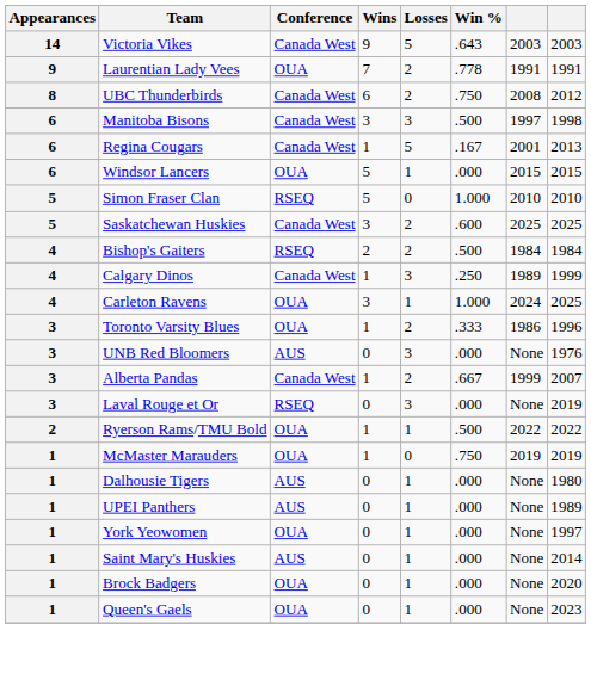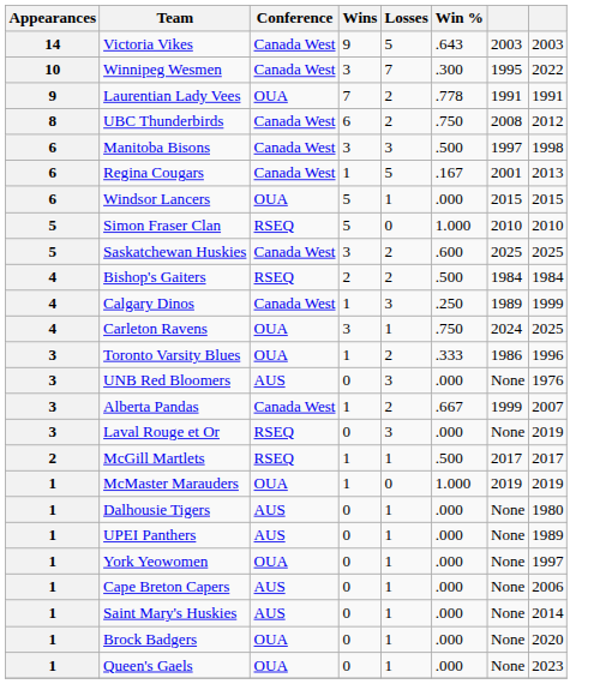 <table class="wikitable sortable"  style="font-size: 95%">
 <tr>
 <th>Appearances</th>
 <th>Team</th>
 <th>Conference</th>
 <th>Wins</th>
 <th>Losses</th>
 <th>Win %</th>
 <th></th>
 <th></th>
 </tr>
 <tr>
 <th align="center">14</th>
 <td><a href='#'>Victoria Vikes</a></td>
 <td><a href='#'>Canada West</a></td>
 <td>9</td>
 <td>5</td>
 <td>.643</td>
 <td>2003</td>
 <td>2003</td>
+</tr>
+<tr>
+<th align="center">10</th>
+<td><a href='#'>Winnipeg Wesmen</a></td>
+<td><a href='#'>Canada West</a></td>
+<td>3</td>
+<td>7</td>
+<td>.300</td>
+<td>1995</td>
+<td>2022</td>
 </tr>
 <tr>
 <th align="center">9</th>
 <td><a href='#'>Laurentian Lady Vees</a></td>
 <td><a href='#'>OUA</a></td>
 <td>7</td>
 <td>2</td>
 <td>.778</td>
 <td>1991</td>
 <td>1991</td>
 </tr>
 <tr>
 <th align="center">8</th>
 <td><a href='#'>UBC Thunderbirds</a></td>
 <td><a href='#'>Canada West</a></td>
 <td>6</td>
 <td>2</td>
 <td>.750</td>
 <td>2008</td>
 <td>2012</td>
 </tr>
 <tr>
 <th align="center">6</th>
 <td><a href='#'>Manitoba Bisons</a></td>
 <td><a href='#'>Canada West</a></td>
 <td>3</td>
 <td>3</td>
 <td>.500</td>
 <td>1997</td>
 <td>1998</td>
 </tr>
 <tr>
 <th align="center">6</th>
 <td><a href='#'>Regina Cougars</a></td>
 <td><a href='#'>Canada West</a></td>
 <td>1</td>
 <td>5</td>
 <td>.167</td>
 <td>2001</td>
 <td>2013</td>
 </tr>
 <tr>
 <th align="center">6</th>
 <td><a href='#'>Windsor Lancers</a></td>
 <td><a href='#'>OUA</a></td>
 <td>5</td>
 <td>1</td>
 <td>.000</td>
 <td>2015</td>
 <td>2015</td>
 </tr>
 <tr>
 <th align="center">5</th>
 <td><a href='#'>Simon Fraser Clan</a></td>
 <td><a href='#'>RSEQ</a></td>
 <td>5</td>
 <td>0</td>
 <td>1.000</td>
 <td>2010</td>
 <td>2010</td>
 </tr>
 <tr>
 <th align="center">5</th>
 <td><a href='#'>Saskatchewan Huskies</a></td>
 <td><a href='#'>Canada West</a></td>
 <td>3</td>
 <td>2</td>
 <td>.600</td>
 <td>2025</td>
 <td>2025</td>
 </tr>
 <tr>
 <th align="center">4</th>
 <td><a href='#'>Bishop's Gaiters</a></td>
 <td><a href='#'>RSEQ</a></td>
 <td>2</td>
 <td>2</td>
 <td>.500</td>
 <td>1984</td>
 <td>1984</td>
 </tr>
 <tr>
 <th align="center">4</th>
 <td><a href='#'>Calgary Dinos</a></td>
 <td><a href='#'>Canada West</a></td>
 <td>1</td>
 <td>3</td>
 <td>.250</td>
 <td>1989</td>
 <td>1999</td>
 </tr>
 <tr>
 <th align="center">4</th>
 <td><a href='#'>Carleton Ravens</a></td>
 <td><a href='#'>OUA</a></td>
 <td>3</td>
 <td>1</td>
-<td>1.000</td>
+<td>.750</td>
 <td>2024</td>
 <td>2025</td>
 </tr>
 <tr>
 <th align="center">3</th>
 <td><a href='#'>Toronto Varsity Blues</a></td>
 <td><a href='#'>OUA</a></td>
 <td>1</td>
 <td>2</td>
 <td>.333</td>
 <td>1986</td>
 <td>1996</td>
 </tr>
 <tr>
 <th align="center">3</th>
 <td><a href='#'>UNB Red Bloomers</a></td>
 <td><a href='#'>AUS</a></td>
 <td>0</td>
 <td>3</td>
 <td>.000</td>
 <td>None</td>
 <td>1976</td>
 </tr>
 <tr>
 <th align="center">3</th>
 <td><a href='#'>Alberta Pandas</a></td>
 <td><a href='#'>Canada West</a></td>
 <td>1</td>
 <td>2</td>
 <td>.667</td>
 <td>1999</td>
 <td>2007</td>
 </tr>
 <tr>
 <th align="center">3</th>
 <td><a href='#'>Laval Rouge et Or</a></td>
 <td><a href='#'>RSEQ</a></td>
 <td>0</td>
 <td>3</td>
 <td>.000</td>
 <td>None</td>
 <td>2019</td>
 </tr>
 <tr>
 <th align="center">2</th>
-<td><a href='#'>Ryerson Rams</a>/<a href='#'>TMU Bold</a></td>
-<td><a href='#'>OUA</a></td>
+<td><a href='#'>McGill Martlets</a></td>
+<td><a href='#'>RSEQ</a></td>
 <td>1</td>
 <td>1</td>
 <td>.500</td>
-<td>2022</td>
-<td>2022</td>
+<td>2017</td>
+<td>2017</td>
 </tr>
 <tr>
 <th align="center">1</th>
 <td><a href='#'>McMaster Marauders</a></td>
 <td><a href='#'>OUA</a></td>
 <td>1</td>
 <td>0</td>
-<td>.750</td>
+<td>1.000</td>
 <td>2019</td>
 <td>2019</td>
 </tr>
 <tr>
 <th align="center">1</th>
 <td><a href='#'>Dalhousie Tigers</a></td>
 <td><a href='#'>AUS</a></td>
 <td>0</td>
 <td>1</td>
 <td>.000</td>
 <td>None</td>
 <td>1980</td>
 </tr>
 <tr>
 <th align="center">1</th>
 <td><a href='#'>UPEI Panthers</a></td>
 <td><a href='#'>AUS</a></td>
 <td>0</td>
 <td>1</td>
 <td>.000</td>
 <td>None</td>
 <td>1989</td>
 </tr>
 <tr>
 <th align="center">1</th>
 <td><a href='#'>York Yeowomen</a></td>
 <td><a href='#'>OUA</a></td>
 <td>0</td>
 <td>1</td>
 <td>.000</td>
 <td>None</td>
 <td>1997</td>
 </tr>
 <tr>
 <th align="center">1</th>
+<td><a href='#'>Cape Breton Capers</a></td>
+<td><a href='#'>AUS</a></td>
+<td>0</td>
+<td>1</td>
+<td>.000</td>
+<td>None</td>
+<td>2006</td>
+</tr>
+<tr>
+<th align="center">1</th>
 <td><a href='#'>Saint Mary's Huskies</a></td>
 <td><a href='#'>AUS</a></td>
 <td>0</td>
 <td>1</td>
 <td>.000</td>
 <td>None</td>
 <td>2014</td>
 </tr>
 <tr>
 <th align="center">1</th>
 <td><a href='#'>Brock Badgers</a></td>
 <td><a href='#'>OUA</a></td>
 <td>0</td>
 <td>1</td>
 <td>.000</td>
 <td>None</td>
 <td>2020</td>
 </tr>
 <tr>
 <th align="center”">1</th>
 <td><a href='#'>Queen's Gaels</a></td>
 <td><a href='#'>OUA</a></td>
 <td>0</td>
 <td>1</td>
 <td>.000</td>
 <td>None</td>
 <td>2023</td>
 </tr>
 <tr>
 </tr>
 </table>
